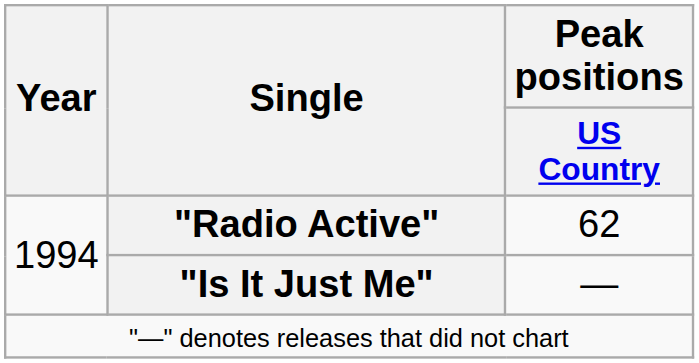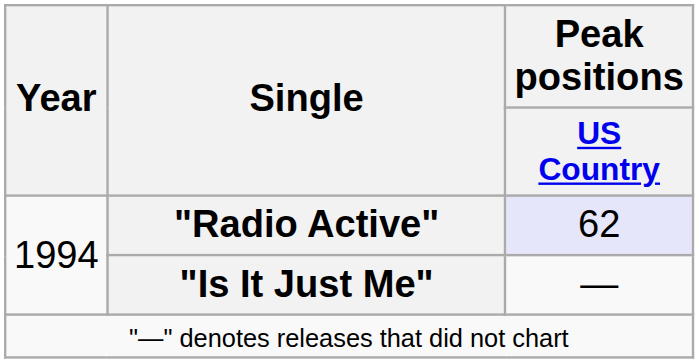 <table class="wikitable plainrowheaders" style="text-align:center;">
 <tr>
 <th rowspan="2">Year</th>
 <th rowspan="2" style="width:10em;">Single</th>
 <th>Peak positions</th>
 </tr>
 <tr style="font-size:smaller;">
 <th style="width:65px;"><a href='#'>US Country</a><br></th>
 </tr>
 <tr>
 <td rowspan="2">1994</td>
 <th scope="row">"Radio Active"</th>
-<td>62</td>
+<td style="background: lavender;">62</td>
 </tr>
 <tr>
 <th scope="row">"Is It Just Me"</th>
 <td>—</td>
 </tr>
 <tr>
 <td colspan="3" style="font-size:8pt">"—" denotes releases that did not chart</td>
 </tr>
 </table>
